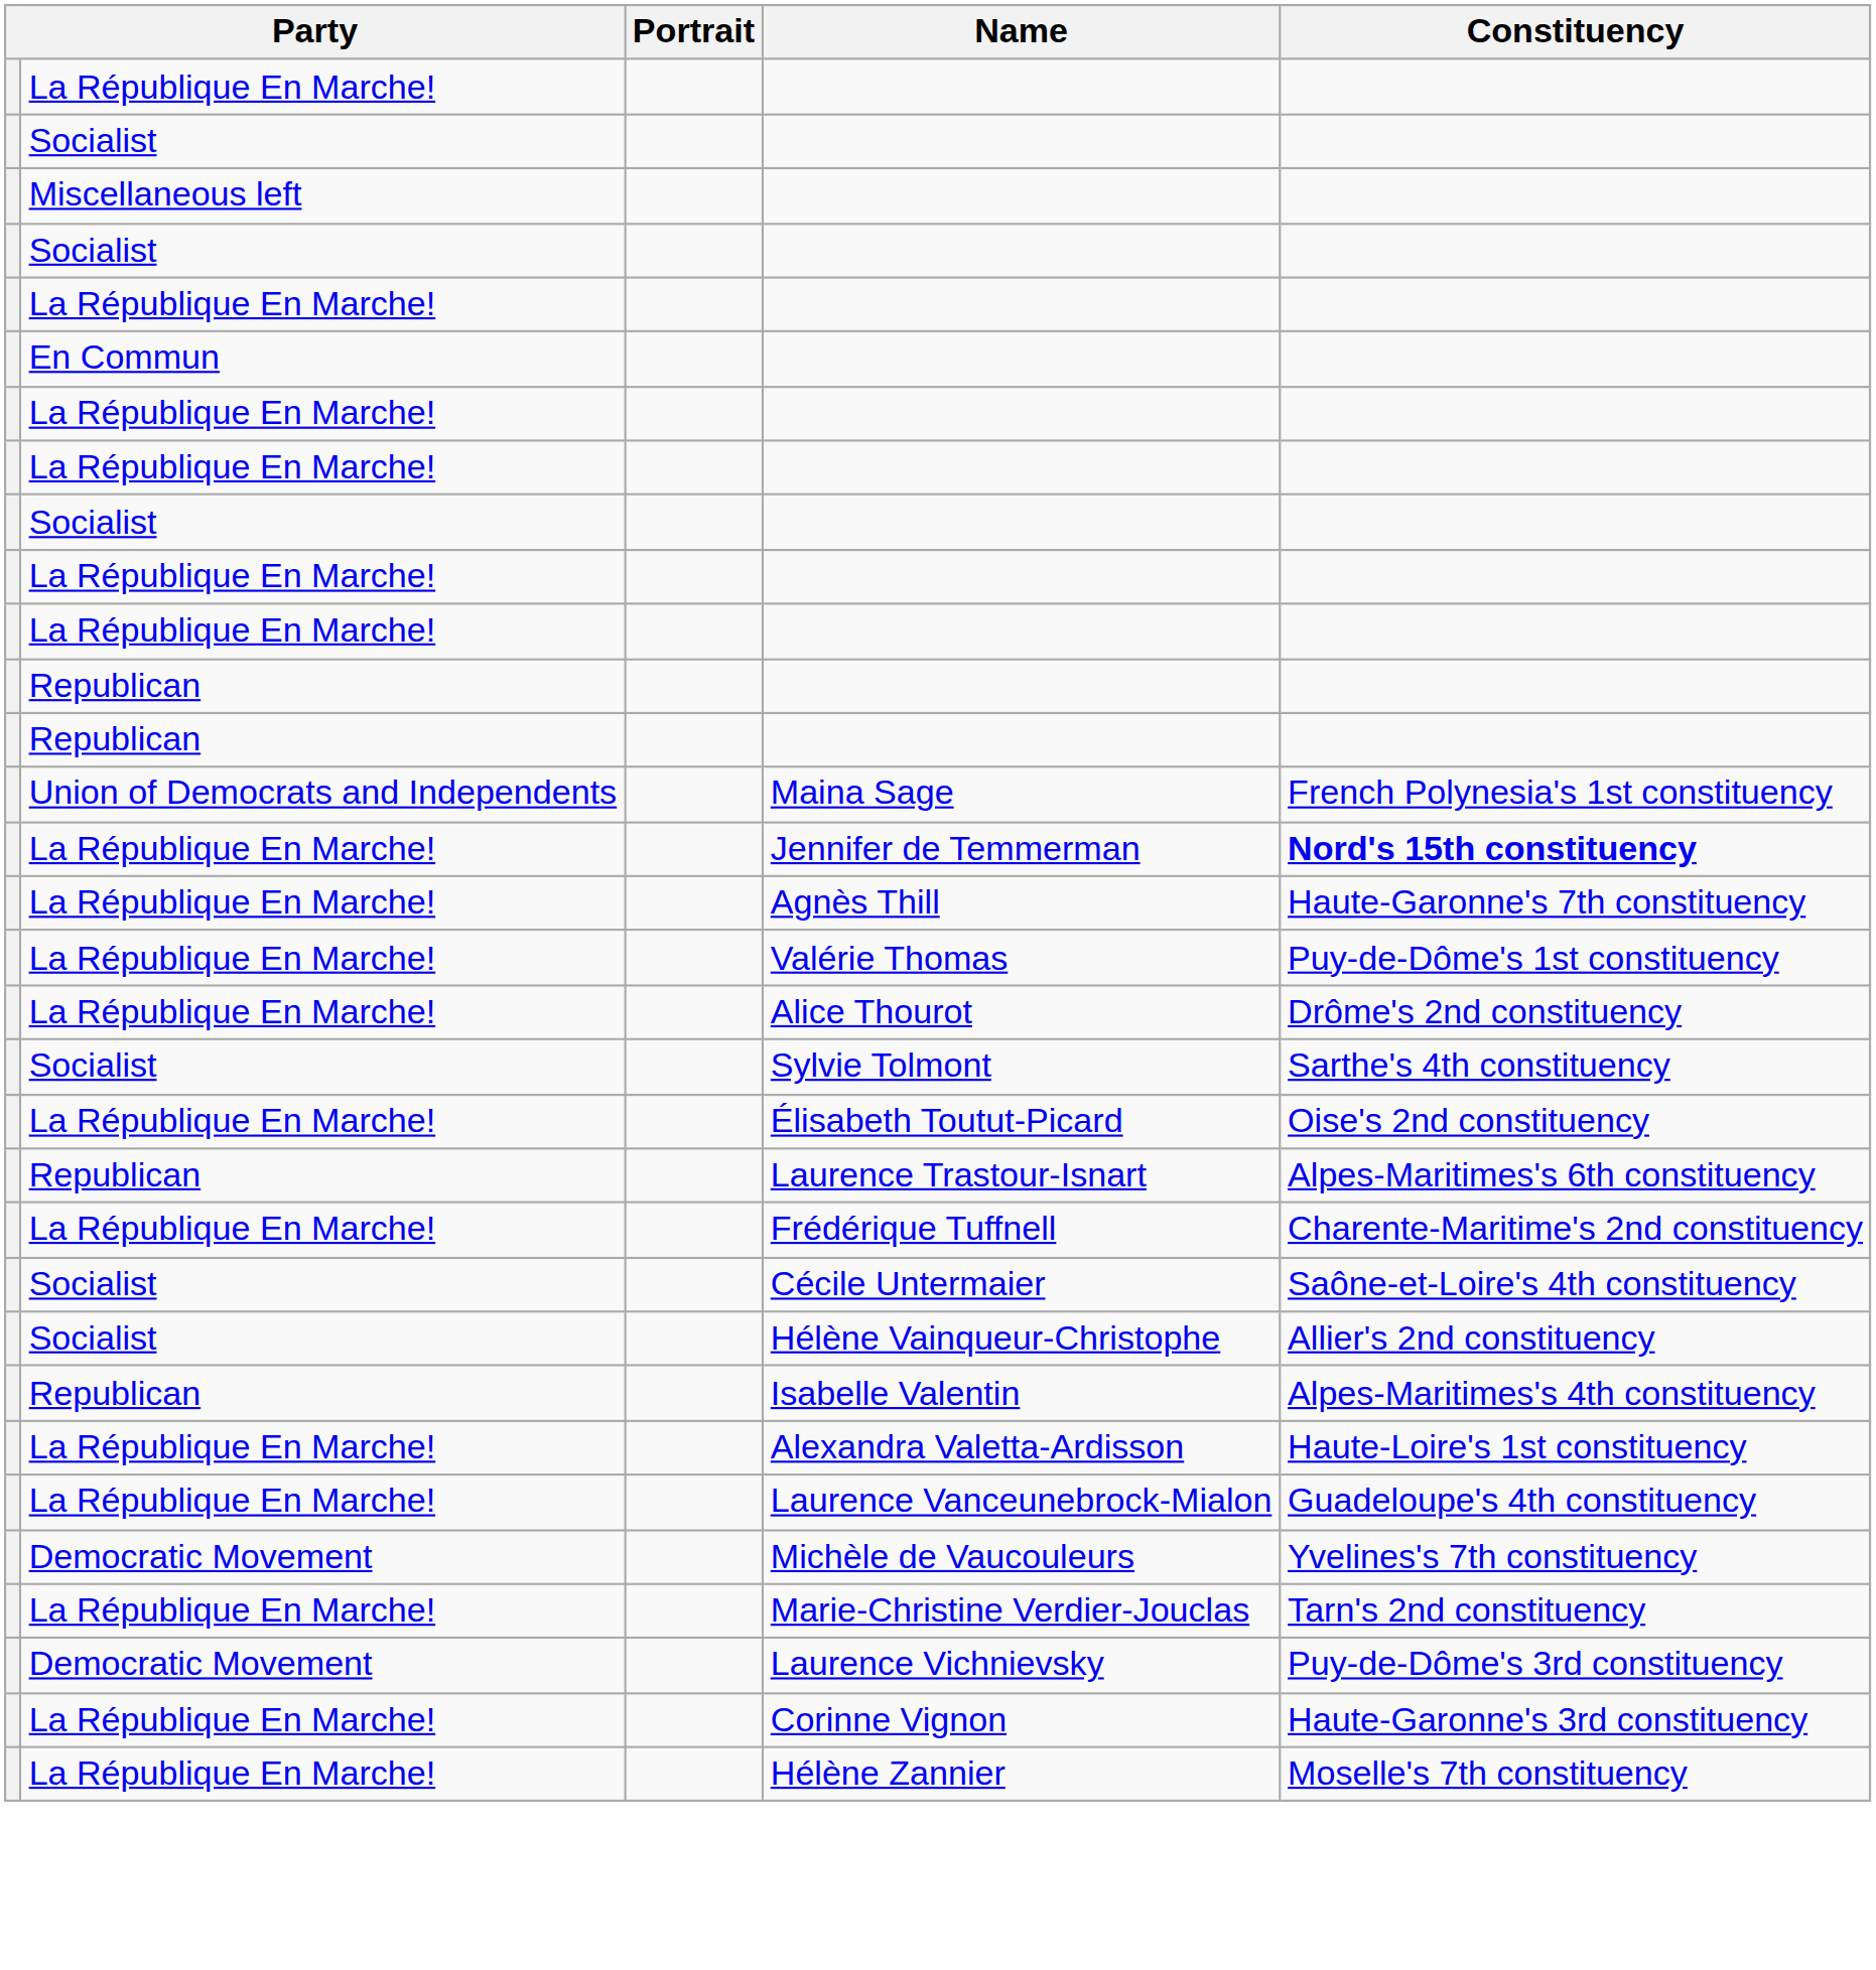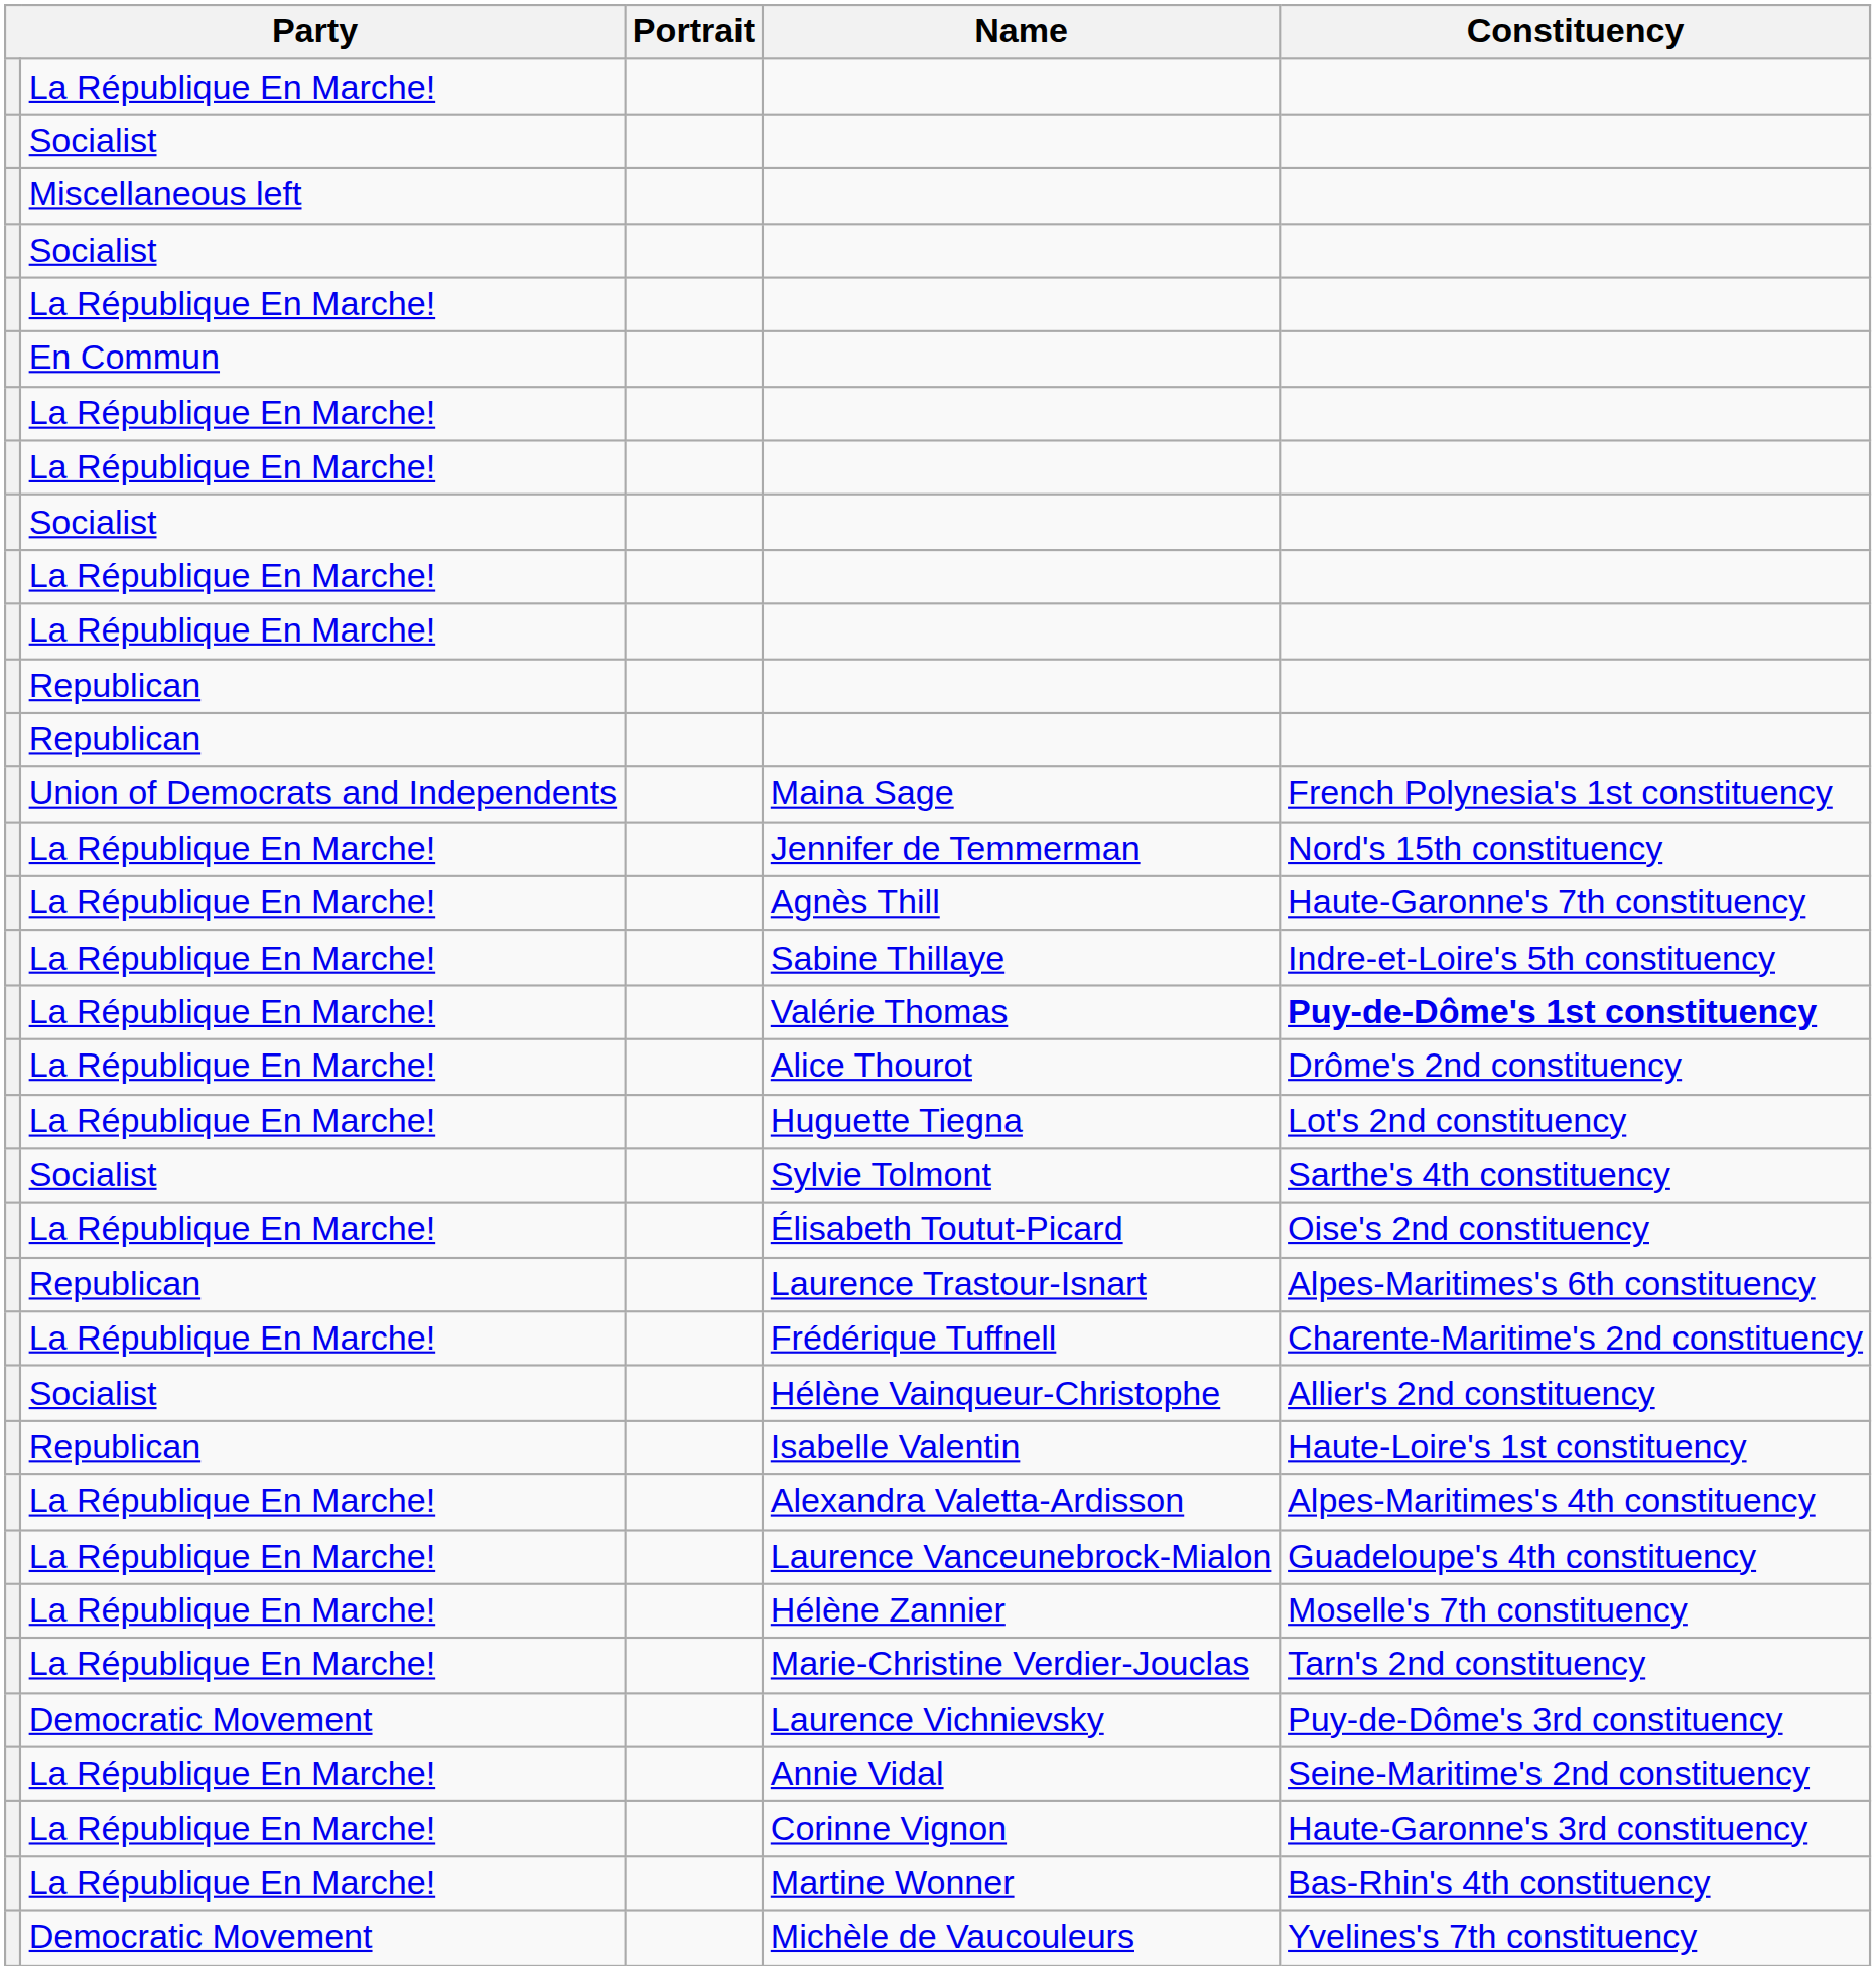 <table class="wikitable sortable">
 <tr>
 <th colspan="2">Party</th>
 <th>Portrait</th>
 <th>Name</th>
 <th>Constituency</th>
 </tr>
 <tr>
 <th style="background-color: "></th>
 <td><a href='#'>La République En Marche!</a></td>
 <td></td>
 <td></td>
 <td></td>
 </tr>
 <tr>
 <th style="background-color: "></th>
 <td><a href='#'>Socialist</a></td>
 <td></td>
 <td></td>
 <td></td>
 </tr>
 <tr>
 <th style="background-color: "></th>
 <td><a href='#'>Miscellaneous left</a></td>
 <td></td>
 <td></td>
 <td></td>
 </tr>
 <tr>
 <th style="background-color: "></th>
 <td><a href='#'>Socialist</a></td>
 <td></td>
 <td></td>
 <td></td>
 </tr>
 <tr>
 <th style="background-color: "></th>
 <td><a href='#'>La République En Marche!</a></td>
 <td></td>
 <td></td>
 <td></td>
 </tr>
 <tr>
 <th style="background-color: "></th>
 <td><a href='#'>En Commun</a></td>
 <td></td>
 <td></td>
 <td></td>
 </tr>
 <tr>
 <th style="background-color: "></th>
 <td><a href='#'>La République En Marche!</a></td>
 <td></td>
 <td></td>
 <td></td>
 </tr>
 <tr>
 <th style="background-color: "></th>
 <td><a href='#'>La République En Marche!</a></td>
 <td></td>
 <td></td>
 <td></td>
 </tr>
 <tr>
 <th style="background-color: "></th>
 <td><a href='#'>Socialist</a></td>
 <td></td>
 <td></td>
 <td></td>
 </tr>
 <tr>
 <th style="background-color: "></th>
 <td><a href='#'>La République En Marche!</a></td>
 <td></td>
 <td></td>
 <td></td>
 </tr>
 <tr>
 <th style="background-color: "></th>
 <td><a href='#'>La République En Marche!</a></td>
 <td></td>
 <td></td>
 <td></td>
 </tr>
 <tr>
 <th style="background-color: "></th>
 <td><a href='#'>Republican</a></td>
 <td></td>
 <td></td>
 <td></td>
 </tr>
 <tr>
 <th style="background-color: "></th>
 <td><a href='#'>Republican</a></td>
 <td></td>
 <td></td>
 <td></td>
 </tr>
 <tr>
 <th style="background-color: "></th>
 <td><a href='#'>Union of Democrats and Independents</a></td>
 <td></td>
 <td><a href='#'>Maina Sage</a></td>
 <td><a href='#'>French Polynesia's 1st constituency</a></td>
 </tr>
 <tr>
 <th style="background-color: "></th>
 <td><a href='#'>La République En Marche!</a></td>
 <td></td>
 <td><a href='#'>Jennifer de Temmerman</a></td>
-<td><strong><a href='#'>Nord's 15th constituency</a></strong></td>
+<td><a href='#'>Nord's 15th constituency</a></td>
 </tr>
 <tr>
 <th style="background-color: "></th>
 <td><a href='#'>La République En Marche!</a></td>
 <td></td>
 <td><a href='#'>Agnès Thill</a></td>
 <td><a href='#'>Haute-Garonne's 7th constituency</a></td>
 </tr>
 <tr>
 <th style="background-color: "></th>
 <td><a href='#'>La République En Marche!</a></td>
 <td></td>
+<td><a href='#'>Sabine Thillaye</a></td>
+<td><a href='#'>Indre-et-Loire's 5th constituency</a></td>
+</tr>
+<tr>
+<th style="background-color: "></th>
+<td><a href='#'>La République En Marche!</a></td>
+<td></td>
 <td><a href='#'>Valérie Thomas</a></td>
-<td><a href='#'>Puy-de-Dôme's 1st constituency</a></td>
+<td><strong><a href='#'>Puy-de-Dôme's 1st constituency</a></strong></td>
 </tr>
 <tr>
 <th style="background-color: "></th>
 <td><a href='#'>La République En Marche!</a></td>
 <td></td>
 <td><a href='#'>Alice Thourot</a></td>
 <td><a href='#'>Drôme's 2nd constituency</a></td>
+</tr>
+<tr>
+<th style="background-color: "></th>
+<td><a href='#'>La République En Marche!</a></td>
+<td></td>
+<td><a href='#'>Huguette Tiegna</a></td>
+<td><a href='#'>Lot's 2nd constituency</a></td>
 </tr>
 <tr>
 <th style="background-color: "></th>
 <td><a href='#'>Socialist</a></td>
 <td></td>
 <td><a href='#'>Sylvie Tolmont</a></td>
 <td><a href='#'>Sarthe's 4th constituency</a></td>
 </tr>
 <tr>
 <th style="background-color: "></th>
 <td><a href='#'>La République En Marche!</a></td>
 <td></td>
 <td><a href='#'>Élisabeth Toutut-Picard</a></td>
 <td><a href='#'>Oise's 2nd constituency</a></td>
 </tr>
 <tr>
 <th style="background-color: "></th>
 <td><a href='#'>Republican</a></td>
 <td></td>
 <td><a href='#'>Laurence Trastour-Isnart</a></td>
 <td><a href='#'>Alpes-Maritimes's 6th constituency</a></td>
 </tr>
 <tr>
 <th style="background-color: "></th>
 <td><a href='#'>La République En Marche!</a></td>
 <td></td>
 <td><a href='#'>Frédérique Tuffnell</a></td>
 <td><a href='#'>Charente-Maritime's 2nd constituency</a></td>
 </tr>
 <tr>
 <th style="background-color: "></th>
 <td><a href='#'>Socialist</a></td>
 <td></td>
-<td><a href='#'>Cécile Untermaier</a></td>
-<td><a href='#'>Saône-et-Loire's 4th constituency</a></td>
-</tr>
-<tr>
-<th style="background-color: "></th>
-<td><a href='#'>Socialist</a></td>
-<td></td>
 <td><a href='#'>Hélène Vainqueur-Christophe</a></td>
 <td><a href='#'>Allier's 2nd constituency</a></td>
 </tr>
 <tr>
 <th style="background-color: "></th>
 <td><a href='#'>Republican</a></td>
 <td></td>
 <td><a href='#'>Isabelle Valentin</a></td>
-<td><a href='#'>Alpes-Maritimes's 4th constituency</a></td>
+<td><a href='#'>Haute-Loire's 1st constituency</a></td>
 </tr>
 <tr>
 <th style="background-color: "></th>
 <td><a href='#'>La République En Marche!</a></td>
 <td></td>
 <td><a href='#'>Alexandra Valetta-Ardisson</a></td>
-<td><a href='#'>Haute-Loire's 1st constituency</a></td>
+<td><a href='#'>Alpes-Maritimes's 4th constituency</a></td>
 </tr>
 <tr>
 <th style="background-color: "></th>
 <td><a href='#'>La République En Marche!</a></td>
 <td></td>
 <td><a href='#'>Laurence Vanceunebrock-Mialon</a></td>
 <td><a href='#'>Guadeloupe's 4th constituency</a></td>
 </tr>
 <tr>
 <th style="background-color: "></th>
-<td><a href='#'>Democratic Movement</a></td>
+<td><a href='#'>La République En Marche!</a></td>
 <td></td>
-<td><a href='#'>Michèle de Vaucouleurs</a></td>
-<td><a href='#'>Yvelines's 7th constituency</a></td>
+<td><a href='#'>Hélène Zannier</a></td>
+<td><a href='#'>Moselle's 7th constituency</a></td>
 </tr>
 <tr>
 <th style="background-color: "></th>
 <td><a href='#'>La République En Marche!</a></td>
 <td></td>
 <td><a href='#'>Marie-Christine Verdier-Jouclas</a></td>
 <td><a href='#'>Tarn's 2nd constituency</a></td>
 </tr>
 <tr>
 <th style="background-color: "></th>
 <td><a href='#'>Democratic Movement</a></td>
 <td></td>
 <td><a href='#'>Laurence Vichnievsky</a></td>
 <td><a href='#'>Puy-de-Dôme's 3rd constituency</a></td>
 </tr>
 <tr>
 <th style="background-color: "></th>
 <td><a href='#'>La République En Marche!</a></td>
 <td></td>
+<td><a href='#'>Annie Vidal</a></td>
+<td><a href='#'>Seine-Maritime's 2nd constituency</a></td>
+</tr>
+<tr>
+<th style="background-color: "></th>
+<td><a href='#'>La République En Marche!</a></td>
+<td></td>
 <td><a href='#'>Corinne Vignon</a></td>
 <td><a href='#'>Haute-Garonne's 3rd constituency</a></td>
 </tr>
 <tr>
 <th style="background-color: "></th>
 <td><a href='#'>La République En Marche!</a></td>
 <td></td>
-<td><a href='#'>Hélène Zannier</a></td>
-<td><a href='#'>Moselle's 7th constituency</a></td>
+<td><a href='#'>Martine Wonner</a></td>
+<td><a href='#'>Bas-Rhin's 4th constituency</a></td>
+</tr>
+<tr>
+<th style="background-color: "></th>
+<td><a href='#'>Democratic Movement</a></td>
+<td></td>
+<td><a href='#'>Michèle de Vaucouleurs</a></td>
+<td><a href='#'>Yvelines's 7th constituency</a></td>
 </tr>
 </table>
